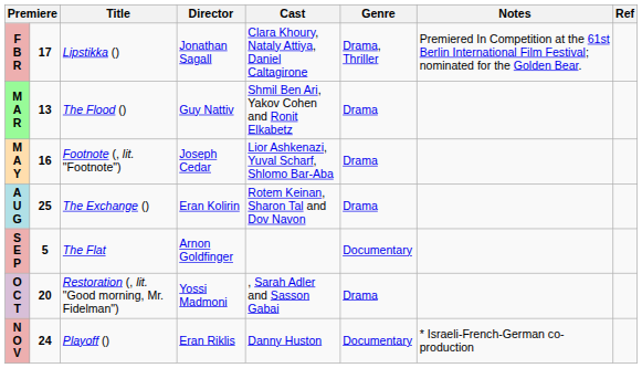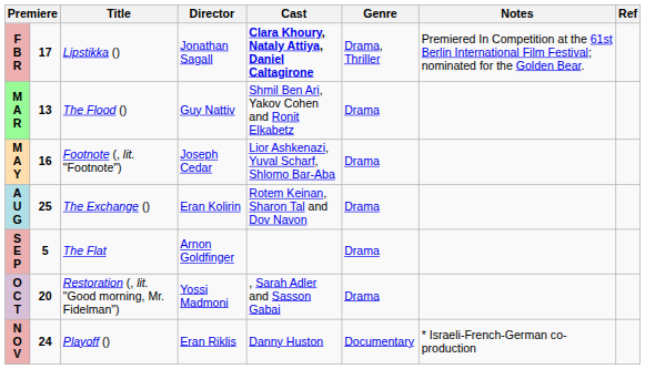 <table class="wikitable">
 <tr>
 <th colspan="2"><strong>Premiere</strong></th>
 <th>Title</th>
 <th>Director</th>
 <th width=15%>Cast</th>
 <th>Genre</th>
 <th>Notes</th>
 <th>Ref</th>
 </tr>
 <tr>
 <td rowspan="1" align="center" style="background:#edafaf"><strong>F</strong><br><strong>B</strong><br><strong>R</strong></td>
 <td rowspan="1" align="center"><strong>17</strong></td>
 <td><em><a href='#'>Lipstikka</a></em> ()</td>
 <td><a href='#'>Jonathan Sagall</a></td>
-<td><a href='#'>Clara Khoury</a>, <a href='#'>Nataly Attiya</a>, <a href='#'>Daniel Caltagirone</a></td>
+<td><strong><a href='#'>Clara Khoury</a>, <a href='#'>Nataly Attiya</a>, <a href='#'>Daniel Caltagirone</a></strong></td>
 <td><a href='#'>Drama</a>, <a href='#'>Thriller</a></td>
 <td>Premiered In Competition at the <a href='#'>61st Berlin International Film Festival</a>; nominated for the <a href='#'>Golden Bear</a>.</td>
 <td></td>
 </tr>
 <tr>
 <td style="text-align:center; background:#98fb98; textcolor:#000;"><strong>M<br>A<br>R</strong></td>
 <td style="text-align:center;"><strong>13</strong></td>
 <td><em><a href='#'>The Flood</a></em> ()</td>
 <td><a href='#'>Guy Nattiv</a></td>
 <td><a href='#'>Shmil Ben Ari</a>, Yakov Cohen and <a href='#'>Ronit Elkabetz</a></td>
 <td><a href='#'>Drama</a></td>
 <td></td>
 <td></td>
 </tr>
 <tr>
 <td rowspan="1" valign="center" align="center" style="background:#FFDEAD; textcolor:#000;"><strong>M<br>A<br>Y</strong></td>
 <td rowspan="1" align="center"><strong>16</strong></td>
 <td><em><a href='#'>Footnote</a></em> (, <em>lit.</em> "Footnote")</td>
 <td><a href='#'>Joseph Cedar</a></td>
 <td><a href='#'>Lior Ashkenazi</a>, <a href='#'>Yuval Scharf</a>, <a href='#'>Shlomo Bar-Aba</a></td>
 <td><a href='#'>Drama</a></td>
 <td></td>
 <td></td>
 </tr>
 <tr>
 <td rowspan="1" valign="center" align="center" style="background:#B0E0E6; textcolor:#000;"><strong>A<br>U<br>G</strong></td>
 <td rowspan="1" align="center"><strong>25</strong></td>
 <td><em><a href='#'>The Exchange</a></em> ()</td>
 <td><a href='#'>Eran Kolirin</a></td>
 <td><a href='#'>Rotem Keinan</a>, <a href='#'>Sharon Tal</a> and <a href='#'>Dov Navon</a></td>
 <td><a href='#'>Drama</a></td>
 <td></td>
 <td></td>
 </tr>
 <tr>
 <td style="text-align:center; background:#edafaf; textcolor:#000;"><strong>S<br>E<br>P</strong></td>
 <td style="text-align:center;"><strong>5</strong></td>
 <td><em><a href='#'>The Flat</a></em></td>
 <td><a href='#'>Arnon Goldfinger</a></td>
 <td></td>
-<td><a href='#'>Documentary</a></td>
+<td><a href='#'>Drama</a></td>
 <td></td>
 <td></td>
 </tr>
 <tr>
 <td rowspan="1" valign="center" align="center" style="background:#D8BFD8; textcolor:#000;"><strong>O<br>C<br>T</strong></td>
 <td rowspan="1" align="center"><strong>20</strong></td>
 <td><em><a href='#'>Restoration</a></em> (, <em>lit.</em> "Good morning, Mr. Fidelman")</td>
 <td><a href='#'>Yossi Madmoni</a></td>
 <td>, <a href='#'>Sarah Adler</a> and <a href='#'>Sasson Gabai</a></td>
 <td><a href='#'>Drama</a></td>
 <td></td>
 <td></td>
 </tr>
 <tr>
 <td style="text-align:center; background:#edafaf; textcolor:#000;"><strong>N<br>O<br>V</strong></td>
 <td style="text-align:center;"><strong>24</strong></td>
 <td><em><a href='#'>Playoff</a></em> ()</td>
 <td><a href='#'>Eran Riklis</a></td>
 <td><a href='#'>Danny Huston</a></td>
 <td><a href='#'>Documentary</a></td>
 <td>* Israeli-French-German co-production</td>
 <td></td>
 </tr>
 </table>
